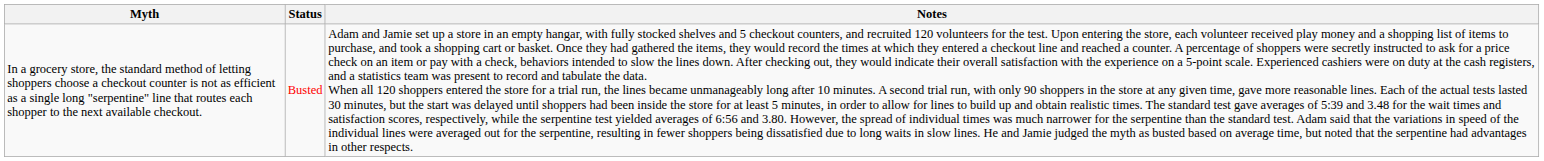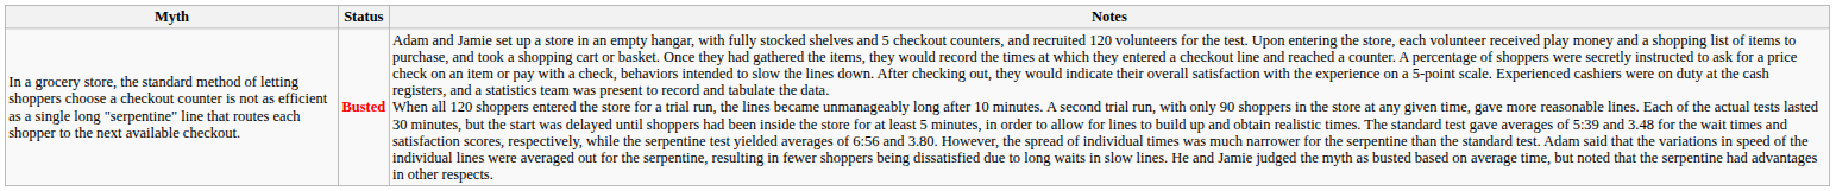 <table class="wikitable plainrowheaders">
 <tr>
 <th scope"col">Myth</th>
 <th scope"col">Status</th>
 <th scope"col">Notes</th>
 </tr>
 <tr>
 <td scope"row">In a grocery store, the standard method of letting shoppers choose a checkout counter is not as efficient as a single long "serpentine" line that routes each shopper to the next available checkout.</td>
-<td style="color:red">Busted</td>
+<td style="color:red"><strong>Busted</strong></td>
 <td>Adam and Jamie set up a store in an empty hangar, with fully stocked shelves and 5 checkout counters, and recruited 120 volunteers for the test. Upon entering the store, each volunteer received play money and a shopping list of items to purchase, and took a shopping cart or basket. Once they had gathered the items, they would record the times at which they entered a checkout line and reached a counter. A percentage of shoppers were secretly instructed to ask for a price check on an item or pay with a check, behaviors intended to slow the lines down. After checking out, they would indicate their overall satisfaction with the experience on a 5-point scale. Experienced cashiers were on duty at the cash registers, and a statistics team was present to record and tabulate the data.<br>When all 120 shoppers entered the store for a trial run, the lines became unmanageably long after 10 minutes. A second trial run, with only 90 shoppers in the store at any given time, gave more reasonable lines. Each of the actual tests lasted 30 minutes, but the start was delayed until shoppers had been inside the store for at least 5 minutes, in order to allow for lines to build up and obtain realistic times. The standard test gave averages of 5:39 and 3.48 for the wait times and satisfaction scores, respectively, while the serpentine test yielded averages of 6:56 and 3.80. However, the spread of individual times was much narrower for the serpentine than the standard test. Adam said that the variations in speed of the individual lines were averaged out for the serpentine, resulting in fewer shoppers being dissatisfied due to long waits in slow lines. He and Jamie judged the myth as busted based on average time, but noted that the serpentine had advantages in other respects.</td>
 </tr>
 </table>
